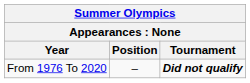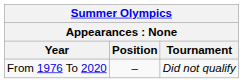 <table class="wikitable" style="text-align: center;">
 <tr>
 <th colspan=20><a href='#'>Summer Olympics</a></th>
 </tr>
 <tr>
 <th colspan=20>Appearances : None</th>
 </tr>
 <tr>
 <th>Year</th>
 <th>Position</th>
 <th>Tournament</th>
 </tr>
 <tr valign="top" bgcolor=>
 <td>From  <a href='#'>1976</a> To  <a href='#'>2020</a></td>
 <td>–</td>
-<td><strong><em>Did not qualify</em></strong></td>
+<td><em>Did not qualify</em></td>
 </tr>
 </table>
